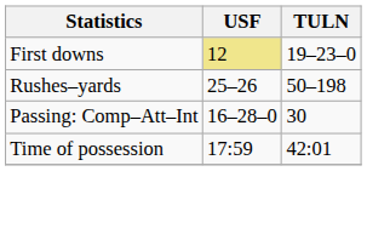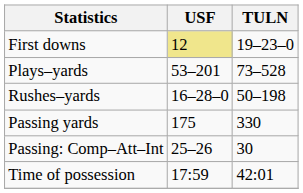 <table class="wikitable" style="float: left;">
 <tr>
 <th>Statistics</th>
 <th>USF</th>
 <th>TULN</th>
 </tr>
 <tr>
 <td>First downs</td>
 <td style="background: khaki;">12</td>
 <td>19–23–0</td>
 </tr>
 <tr>
+<td>Plays–yards</td>
+<td>53–201</td>
+<td>73–528</td>
+</tr>
+<tr>
 <td>Rushes–yards</td>
-<td>25–26</td>
+<td>16–28–0</td>
 <td>50–198</td>
 </tr>
 <tr>
+<td>Passing yards</td>
+<td>175</td>
+<td>330</td>
+</tr>
+<tr>
 <td>Passing: Comp–Att–Int</td>
-<td>16–28–0</td>
+<td>25–26</td>
 <td>30</td>
 </tr>
 <tr>
 <td>Time of possession</td>
 <td>17:59</td>
 <td>42:01</td>
 </tr>
 <tr>
 </tr>
 </table>
